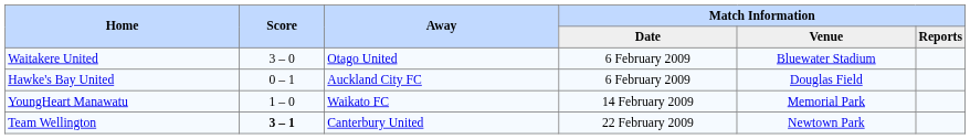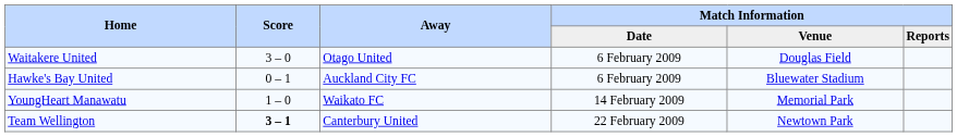 <table border=1 style="border-collapse:collapse; font-size:90%; text-align:center;" cellpadding=3 cellspacing=0 width=85%>
 <tr bgcolor=#C1D9FF>
 <th rowspan=2 width=25%>Home</th>
 <th rowspan=2 width=9%>Score</th>
 <th rowspan=2 width=25%>Away</th>
 <th colspan=9>Match Information</th>
 </tr>
 <tr bgcolor=#EFEFEF>
 <th width=19%>Date</th>
 <th width=19%>Venue</th>
 <th width=10%>Reports</th>
 </tr>
 <tr bgcolor=#F5FAFF>
 <td align=left> <a href='#'>Waitakere United</a></td>
 <td>3 – 0</td>
 <td align=left> <a href='#'>Otago United</a></td>
 <td>6 February 2009</td>
-<td><a href='#'>Bluewater Stadium</a></td>
+<td><a href='#'>Douglas Field</a></td>
 <td></td>
 </tr>
 <tr bgcolor=#F5FAFF>
 <td align=left> <a href='#'>Hawke's Bay United</a></td>
 <td>0 – 1</td>
 <td align=left> <a href='#'>Auckland City FC</a></td>
 <td>6 February 2009</td>
-<td><a href='#'>Douglas Field</a></td>
+<td><a href='#'>Bluewater Stadium</a></td>
 <td></td>
 </tr>
 <tr bgcolor=#F5FAFF>
 <td align=left> <a href='#'>YoungHeart Manawatu</a></td>
 <td>1 – 0</td>
 <td align=left> <a href='#'>Waikato FC</a></td>
 <td>14 February 2009</td>
 <td><a href='#'>Memorial Park</a></td>
 <td></td>
 </tr>
 <tr bgcolor=#F5FAFF>
 <td align=left> <a href='#'>Team Wellington</a></td>
 <td><strong>3 – 1</strong></td>
 <td align=left> <a href='#'>Canterbury United</a></td>
 <td>22 February 2009</td>
 <td><a href='#'>Newtown Park</a></td>
 <td></td>
 </tr>
 </table>
